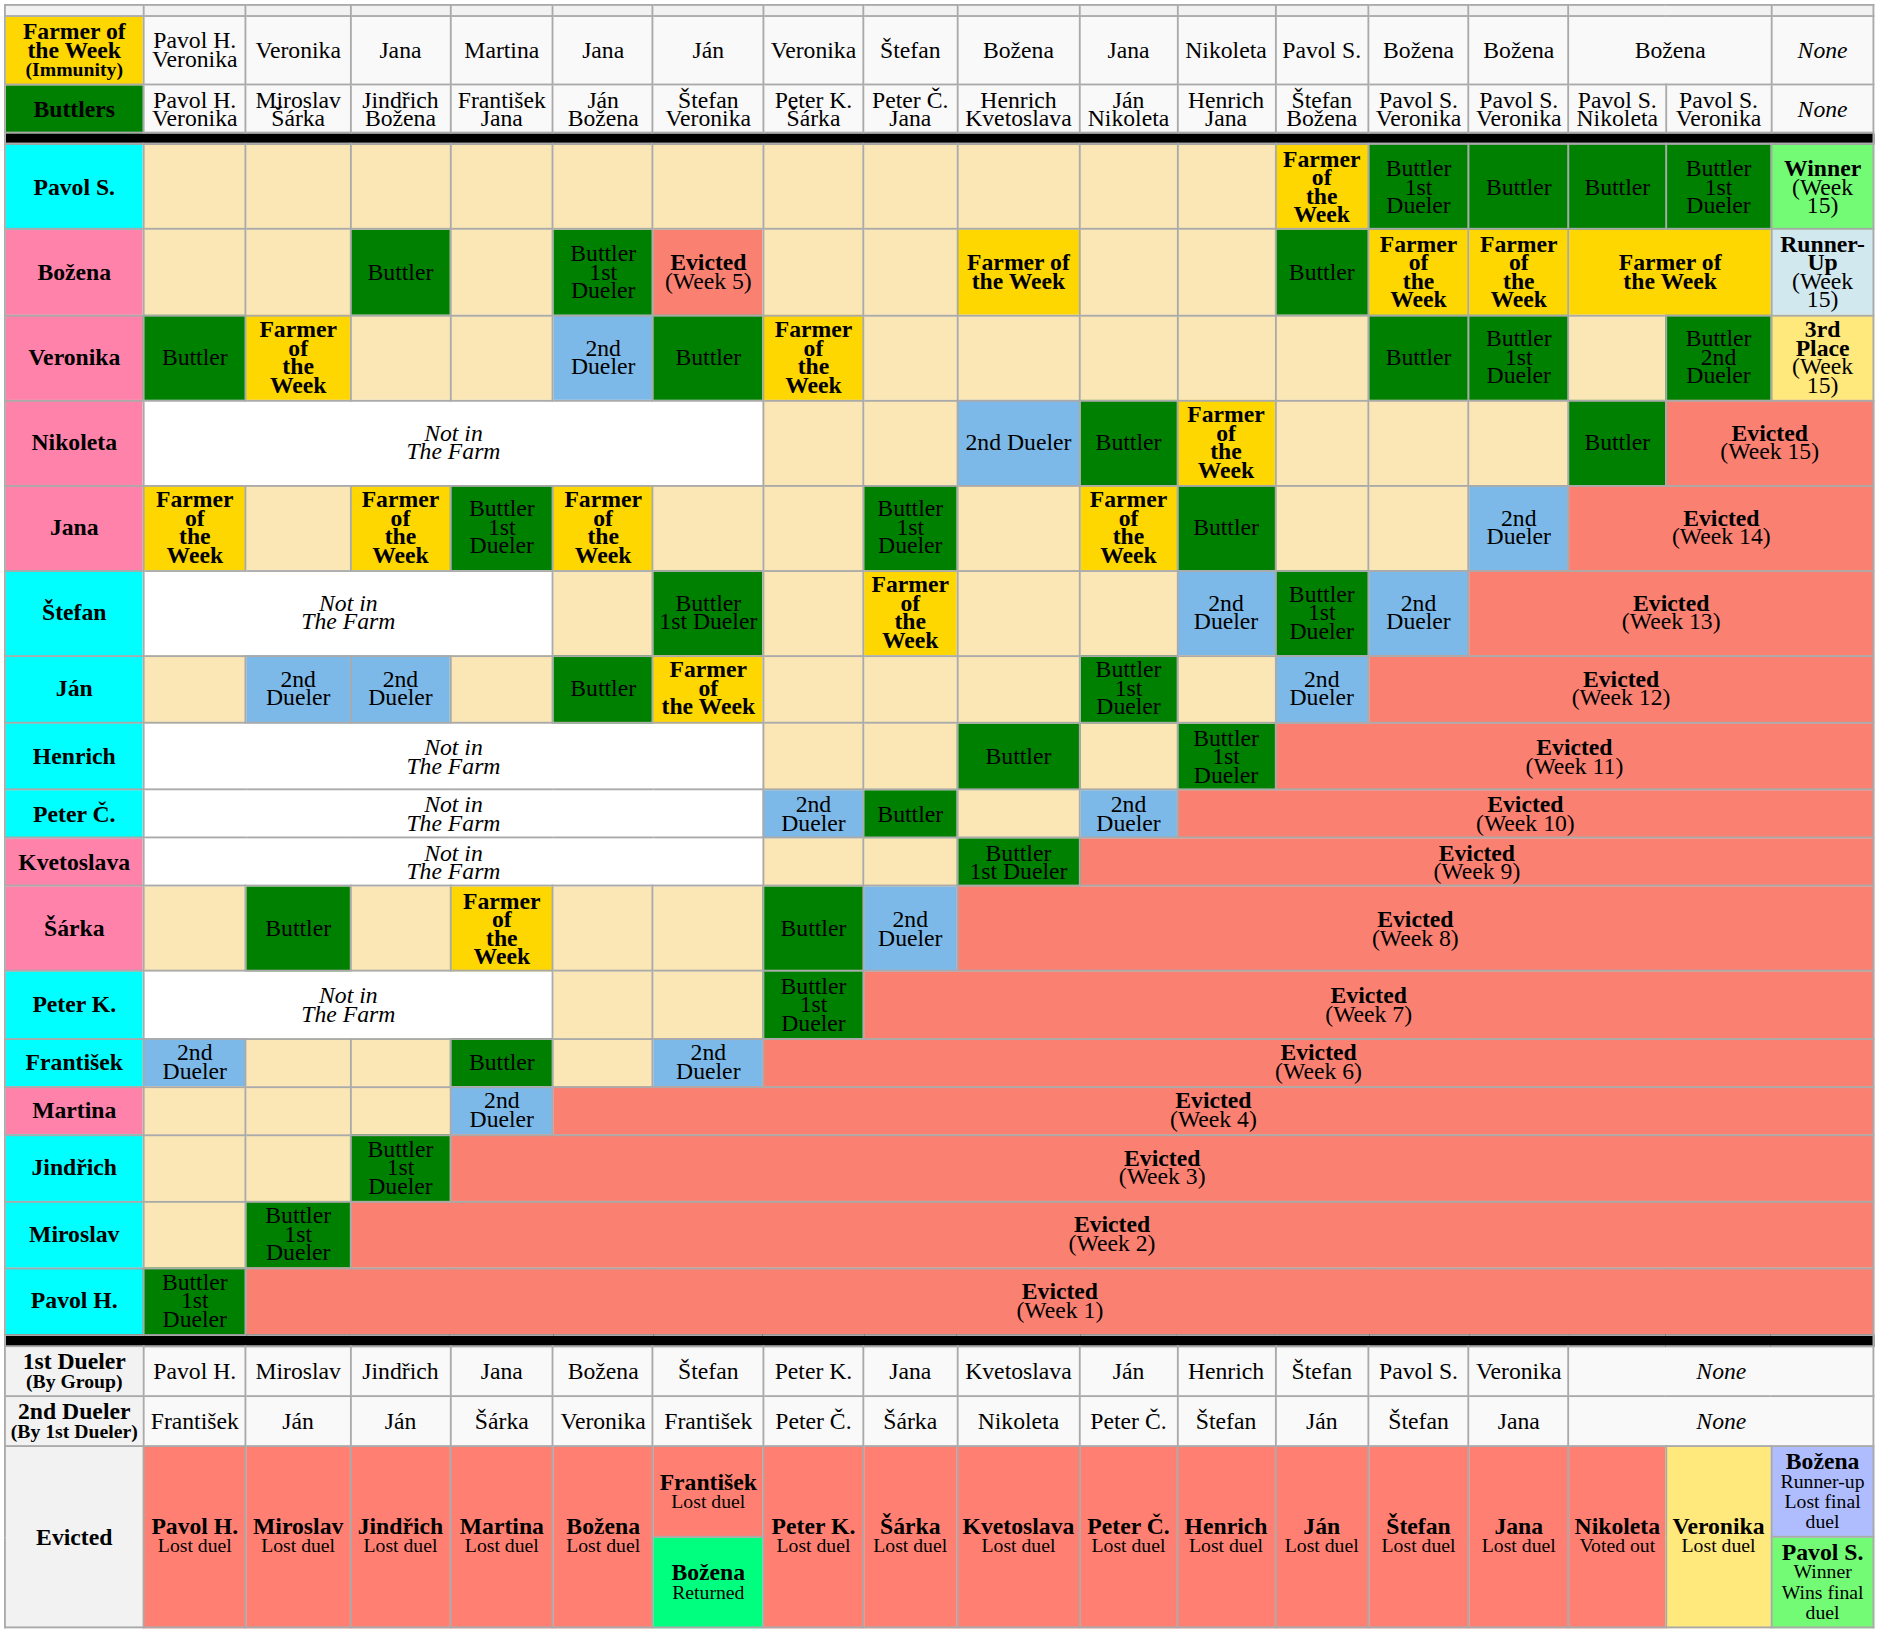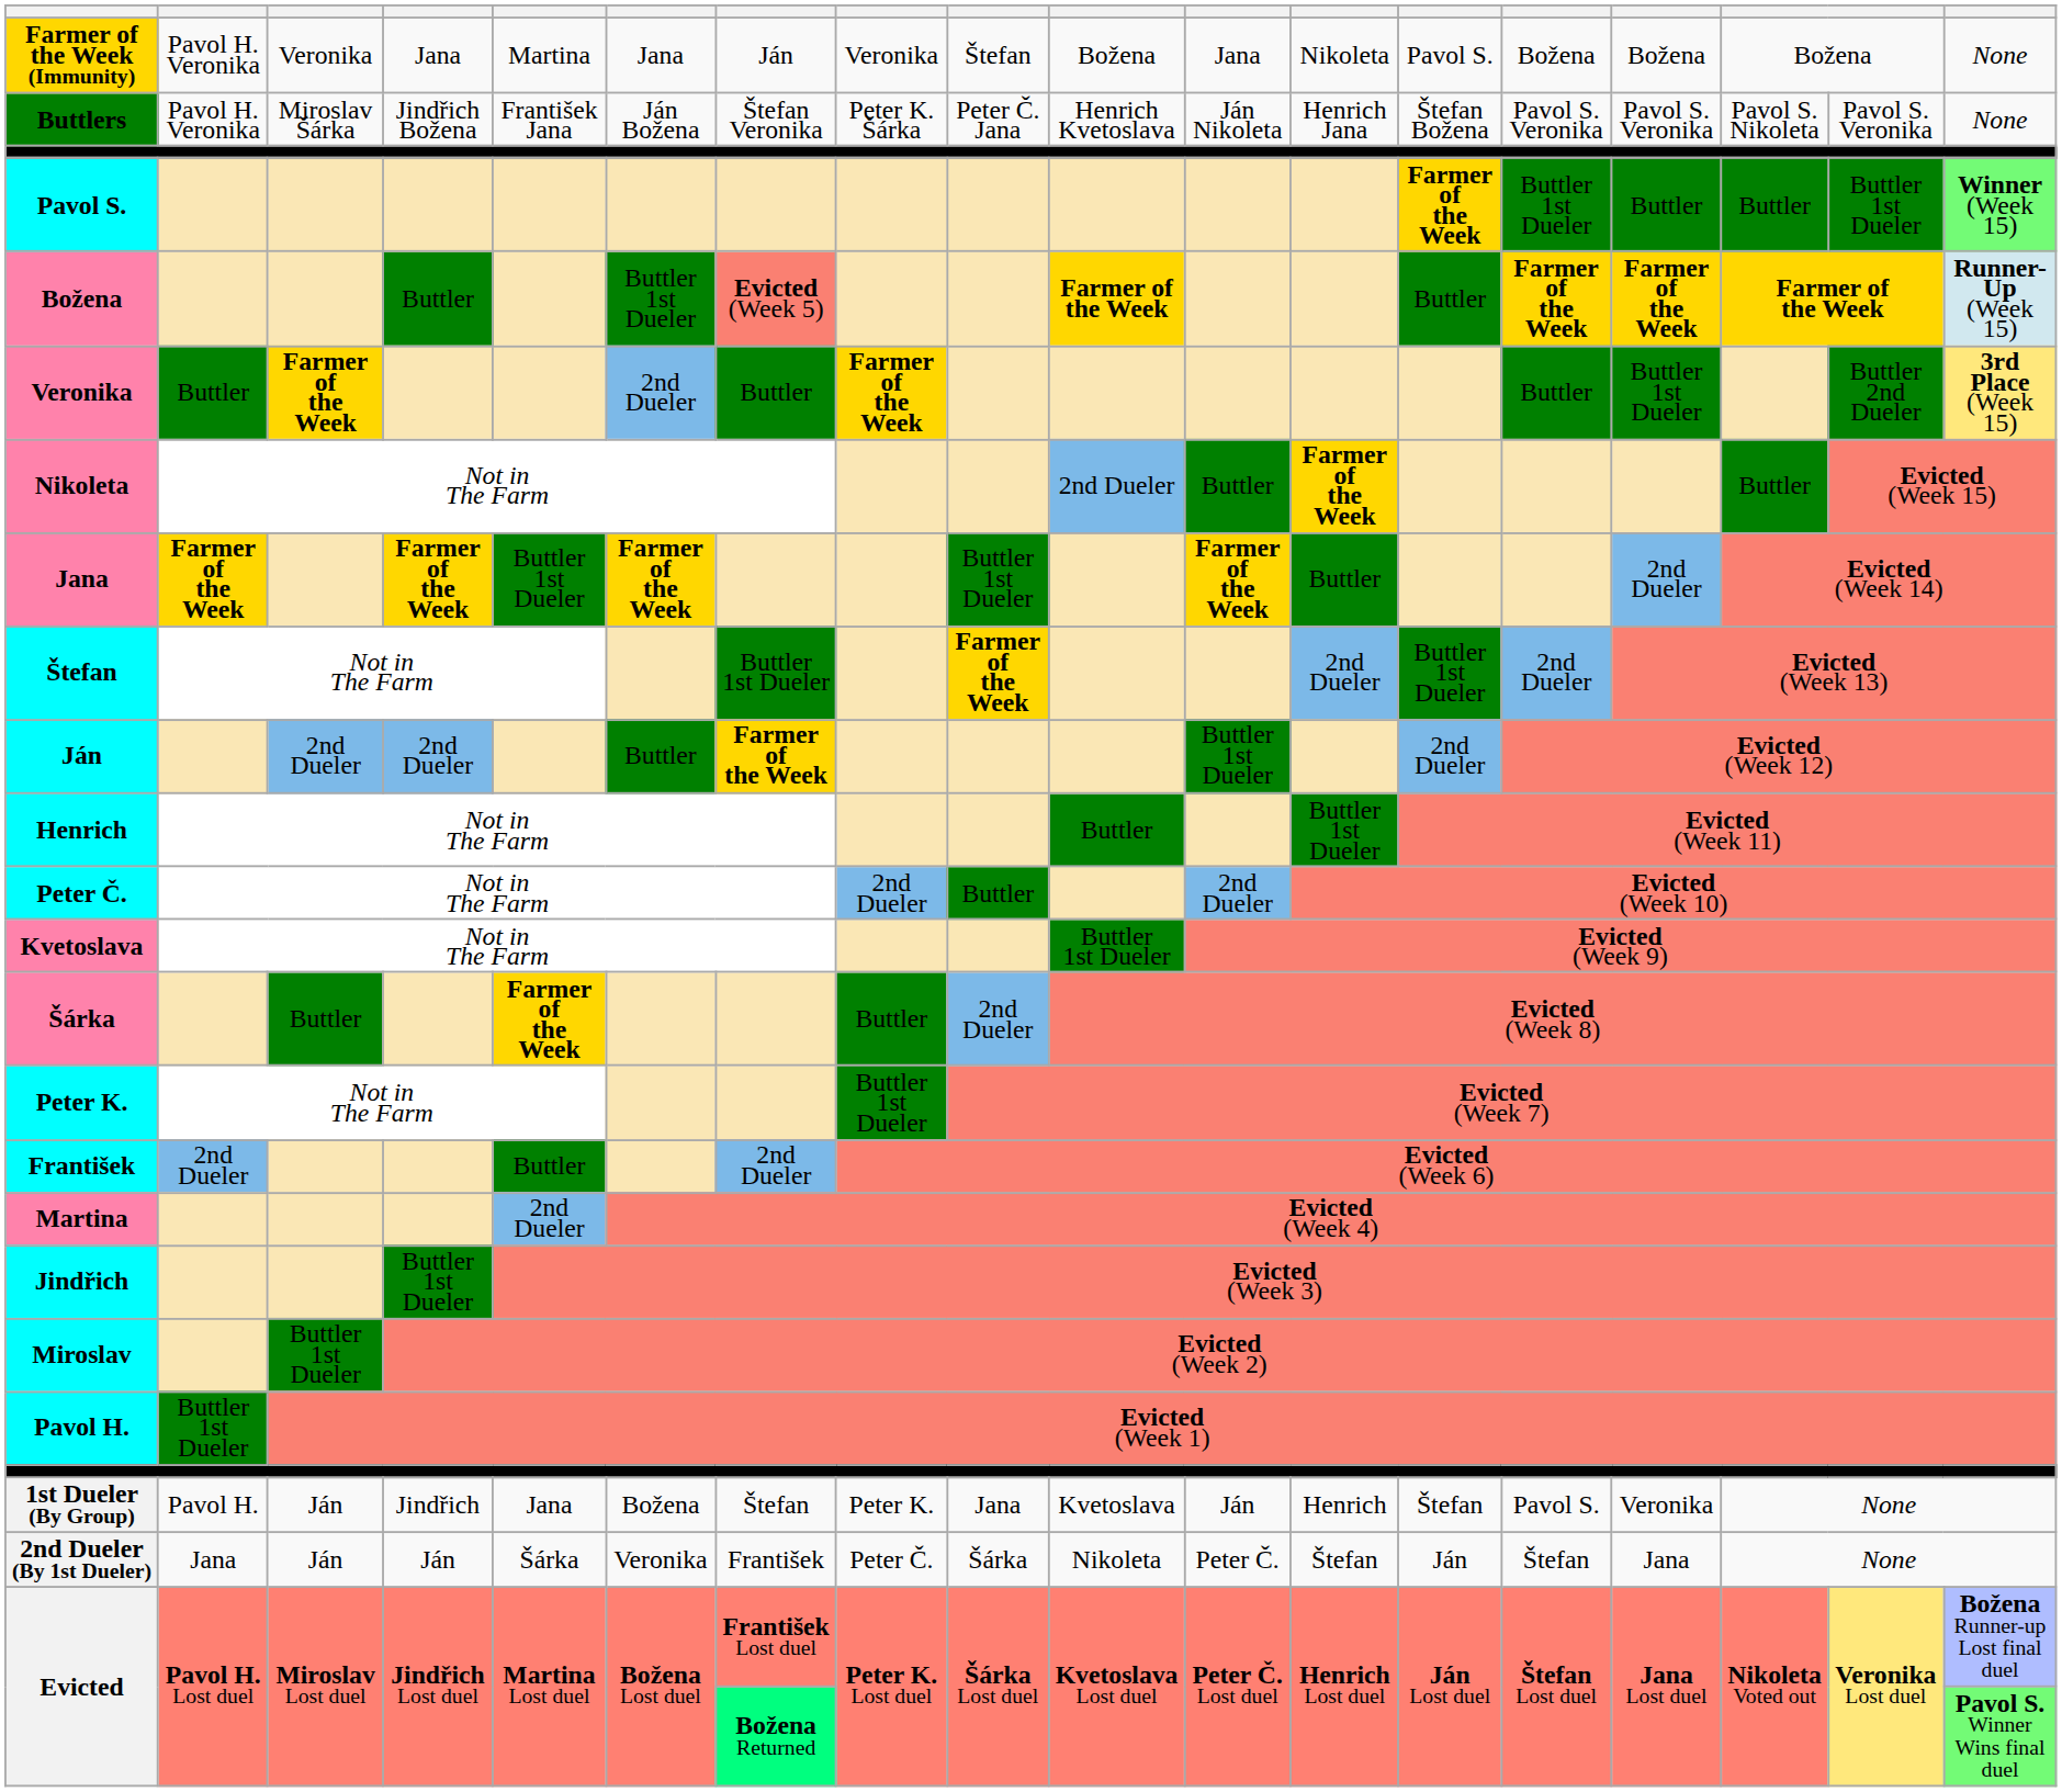 <table class="wikitable" style="text-align:center; width:80%; font-size:80%; line-height:10px">
 <tr>
 <th></th>
 <th></th>
 <th></th>
 <th></th>
 <th></th>
 <th></th>
 <th></th>
 <th></th>
 <th></th>
 <th></th>
 <th></th>
 <th></th>
 <th></th>
 <th></th>
 <th></th>
 <th colspan=2></th>
 <th></th>
 </tr>
 <tr>
 <th style="background:gold;" colspan=1>Farmer of the Week<br><small>(Immunity)</small></th>
 <td>Pavol H.<br>Veronika</td>
 <td>Veronika</td>
 <td>Jana</td>
 <td>Martina</td>
 <td>Jana</td>
 <td>Ján</td>
 <td>Veronika</td>
 <td>Štefan</td>
 <td>Božena</td>
 <td>Jana</td>
 <td>Nikoleta</td>
 <td>Pavol S.</td>
 <td>Božena</td>
 <td>Božena</td>
 <td colspan=2>Božena</td>
 <td><em>None</em></td>
 </tr>
 <tr>
 <th style="background:#008000;">Buttlers</th>
 <td>Pavol H.<br>Veronika</td>
 <td>Miroslav<br>Šárka</td>
 <td>Jindřich<br>Božena</td>
 <td>František<br>Jana</td>
 <td>Ján<br>Božena</td>
 <td>Štefan<br>Veronika</td>
 <td>Peter K.<br>Šárka</td>
 <td>Peter Č.<br>Jana</td>
 <td>Henrich<br>Kvetoslava</td>
 <td>Ján<br>Nikoleta</td>
 <td>Henrich<br>Jana</td>
 <td>Štefan<br>Božena</td>
 <td>Pavol S.<br>Veronika</td>
 <td>Pavol S.<br>Veronika</td>
 <td>Pavol S.<br>Nikoleta</td>
 <td>Pavol S.<br>Veronika</td>
 <td colspan=3><em>None</em></td>
 </tr>
 <tr>
 <th style="background:#000000;" colspan="18"></th>
 </tr>
 <tr>
 </tr>
 <tr>
 <th style="background:cyan;">Pavol S.</th>
 <td style="background:#FAE7B5;"></td>
 <td style="background:#FAE7B5;"></td>
 <td style="background:#FAE7B5;"></td>
 <td style="background:#FAE7B5;"></td>
 <td style="background:#FAE7B5;"></td>
 <td style="background:#FAE7B5;"></td>
 <td style="background:#FAE7B5;"></td>
 <td style="background:#FAE7B5;"></td>
 <td style="background:#FAE7B5;"></td>
 <td style="background:#FAE7B5;"></td>
 <td style="background:#FAE7B5;"></td>
 <td style="background:gold;"><strong>Farmer of<br>the Week</strong></td>
 <td style="background:#008000;">Buttler<br>1st Dueler</td>
 <td style="background:#008000;">Buttler</td>
 <td style="background:#008000;">Buttler</td>
 <td style="background:#008000;">Buttler<br>1st Dueler</td>
 <td style="background:#73FB76" colspan=2><strong>Winner</strong> <br> (Week 15)</td>
 </tr>
 <tr>
 <th style="background:#FF82AB;">Božena</th>
 <td style="background:#FAE7B5;"></td>
 <td style="background:#FAE7B5;"></td>
 <td style="background:#008000;">Buttler</td>
 <td style="background:#FAE7B5;"></td>
 <td style="background:#008000;">Buttler<br>1st Dueler</td>
 <td colspan=1 style="background:salmon;"><strong>Evicted</strong> <br> (Week 5)</td>
 <td style="background:#FAE7B5;"></td>
 <td style="background:#FAE7B5;"></td>
 <td style="background:gold;"><strong>Farmer of<br>the Week</strong></td>
 <td style="background:#FAE7B5;"></td>
 <td style="background:#FAE7B5;"></td>
 <td style="background:#008000;">Buttler</td>
 <td style="background:gold;"><strong>Farmer of<br>the Week</strong></td>
 <td style="background:gold;"><strong>Farmer of<br>the Week</strong></td>
 <td colspan=2 style="background:gold;"><strong>Farmer of<br>the Week</strong></td>
 <td style="background:#D1E8EF" colspan=2><strong>Runner-Up</strong> <br> (Week 15)</td>
 </tr>
 <tr>
 <th style="background:#FF82AB;">Veronika</th>
 <td style="background:#008000;">Buttler</td>
 <td style="background:gold;"><strong>Farmer of<br>the Week</strong></td>
 <td style="background:#FAE7B5;"></td>
 <td style="background:#FAE7B5;"></td>
 <td style="background:#7CB9E8;">2nd Dueler</td>
 <td style="background:#008000;">Buttler</td>
 <td style="background:gold;"><strong>Farmer of<br>the Week</strong></td>
 <td style="background:#FAE7B5;"></td>
 <td style="background:#FAE7B5;"></td>
 <td style="background:#FAE7B5;"></td>
 <td style="background:#FAE7B5;"></td>
 <td style="background:#FAE7B5;"></td>
 <td style="background:#008000;">Buttler</td>
 <td style="background:#008000;">Buttler<br>1st Dueler</td>
 <td style="background:#FAE7B5;"></td>
 <td style="background:#008000;">Buttler<br>2nd Dueler</td>
 <td style="background:#FFE87C" colspan=2><strong>3rd Place</strong> <br> (Week 15)</td>
 </tr>
 <tr>
 <th style="background:#FF82AB;">Nikoleta</th>
 <td style="background:#FFFFFF; text-align:center;" colspan=6><em>Not in<br>The Farm</em></td>
 <td style="background:#FAE7B5;"></td>
 <td style="background:#FAE7B5;"></td>
 <td style="background:#7CB9E8;">2nd Dueler</td>
 <td style="background:#008000;">Buttler</td>
 <td style="background:gold;"><strong>Farmer of<br>the Week</strong></td>
 <td style="background:#FAE7B5;"></td>
 <td style="background:#FAE7B5;"></td>
 <td style="background:#FAE7B5;"></td>
 <td style="background:#008000;">Buttler</td>
 <td colspan=16 style="background:salmon;"><strong>Evicted</strong> <br> (Week 15)</td>
 </tr>
 <tr>
 <th style="background:#FF82AB;">Jana</th>
 <td style="background:gold;"><strong>Farmer of<br>the Week</strong></td>
 <td style="background:#FAE7B5;"></td>
 <td style="background:gold;"><strong>Farmer of<br>the Week</strong></td>
 <td style="background:#008000;">Buttler<br>1st Dueler</td>
 <td style="background:gold;"><strong>Farmer of<br>the Week</strong></td>
 <td style="background:#FAE7B5;"></td>
 <td style="background:#FAE7B5;"></td>
 <td style="background:#008000;">Buttler<br>1st Dueler</td>
 <td style="background:#FAE7B5;"></td>
 <td style="background:gold;"><strong>Farmer of<br>the Week</strong></td>
 <td style="background:#008000;">Buttler</td>
 <td style="background:#FAE7B5;"></td>
 <td style="background:#FAE7B5;"></td>
 <td style="background:#7CB9E8;">2nd Dueler</td>
 <td colspan=16 style="background:salmon;"><strong>Evicted</strong> <br> (Week 14)</td>
 </tr>
 <tr>
 <th style="background:cyan;">Štefan</th>
 <td style="background:#FFFFFF; text-align:center;" colspan=4><em>Not in<br>The Farm</em></td>
 <td style="background:#FAE7B5;"></td>
 <td style="background:#008000;">Buttler<br>1st Dueler</td>
 <td style="background:#FAE7B5;"></td>
 <td style="background:gold;"><strong>Farmer of<br>the Week</strong></td>
 <td style="background:#FAE7B5;"></td>
 <td style="background:#FAE7B5;"></td>
 <td style="background:#7CB9E8;">2nd Dueler</td>
 <td style="background:#008000;">Buttler<br>1st Dueler</td>
 <td style="background:#7CB9E8;">2nd Dueler</td>
 <td colspan=16 style="background:salmon;"><strong>Evicted</strong> <br> (Week 13)</td>
 </tr>
 <tr>
 <th style="background:cyan;">Ján</th>
 <td style="background:#FAE7B5;"></td>
 <td style="background:#7CB9E8;">2nd Dueler</td>
 <td style="background:#7CB9E8;">2nd Dueler</td>
 <td style="background:#FAE7B5;"></td>
 <td style="background:#008000;">Buttler</td>
 <td style="background:gold;"><strong>Farmer of<br>the Week</strong></td>
 <td style="background:#FAE7B5;"></td>
 <td style="background:#FAE7B5;"></td>
 <td style="background:#FAE7B5;"></td>
 <td style="background:#008000;">Buttler<br>1st Dueler</td>
 <td style="background:#FAE7B5;"></td>
 <td style="background:#7CB9E8;">2nd Dueler</td>
 <td colspan=16 style="background:salmon;"><strong>Evicted</strong> <br> (Week 12)</td>
 </tr>
 <tr>
 <th style="background:cyan;">Henrich</th>
 <td style="background:#FFFFFF; text-align:center;" colspan=6><em>Not in<br>The Farm</em></td>
 <td style="background:#FAE7B5;"></td>
 <td style="background:#FAE7B5;"></td>
 <td style="background:#008000;">Buttler</td>
 <td style="background:#FAE7B5;"></td>
 <td style="background:#008000;">Buttler<br>1st Dueler</td>
 <td colspan=16 style="background:salmon;"><strong>Evicted</strong> <br> (Week 11)</td>
 </tr>
 <tr>
 <th style="background:cyan;">Peter Č.</th>
 <td style="background:#FFFFFF; text-align:center;" colspan=6><em>Not in<br>The Farm</em></td>
 <td style="background:#7CB9E8;">2nd Dueler</td>
 <td style="background:#008000;">Buttler</td>
 <td style="background:#FAE7B5;"></td>
 <td style="background:#7CB9E8;">2nd Dueler</td>
 <td colspan=16 style="background:salmon;"><strong>Evicted</strong> <br> (Week 10)</td>
 </tr>
 <tr>
 <th style="background:#FF82AB;">Kvetoslava</th>
 <td style="background:#FFFFFF; text-align:center;" colspan=6><em>Not in<br>The Farm</em></td>
 <td style="background:#FAE7B5;"></td>
 <td style="background:#FAE7B5;"></td>
 <td style="background:#008000;">Buttler<br>1st Dueler</td>
 <td colspan=16 style="background:salmon;"><strong>Evicted</strong> <br> (Week 9)</td>
 </tr>
 <tr>
 <th style="background:#FF82AB;">Šárka</th>
 <td style="background:#FAE7B5;"></td>
 <td style="background:#008000;">Buttler</td>
 <td style="background:#FAE7B5;"></td>
 <td style="background:gold;"><strong>Farmer of<br>the Week</strong></td>
 <td style="background:#FAE7B5;"></td>
 <td style="background:#FAE7B5;"></td>
 <td style="background:#008000;">Buttler</td>
 <td style="background:#7CB9E8;">2nd Dueler</td>
 <td colspan=16 style="background:salmon;"><strong>Evicted</strong> <br> (Week 8)</td>
 </tr>
 <tr>
 <th style="background:cyan;">Peter K.</th>
 <td style="background:#FFFFFF; text-align:center;" colspan=4><em>Not in<br>The Farm</em></td>
 <td style="background:#FAE7B5;"></td>
 <td style="background:#FAE7B5;"></td>
 <td style="background:#008000;">Buttler<br>1st Dueler</td>
 <td colspan=16 style="background:salmon;"><strong>Evicted</strong> <br> (Week 7)</td>
 </tr>
 <tr>
 <th style="background:cyan;">František</th>
 <td style="background:#7CB9E8;">2nd Dueler</td>
 <td style="background:#FAE7B5;"></td>
 <td style="background:#FAE7B5;"></td>
 <td style="background:#008000;">Buttler</td>
 <td style="background:#FAE7B5;"></td>
 <td style="background:#7CB9E8;">2nd Dueler</td>
 <td colspan=16 style="background:salmon;"><strong>Evicted</strong> <br> (Week 6)</td>
 </tr>
 <tr>
 <th style="background:#FF82AB;">Martina</th>
 <td style="background:#FAE7B5;"></td>
 <td style="background:#FAE7B5;"></td>
 <td style="background:#FAE7B5;"></td>
 <td style="background:#7CB9E8;">2nd Dueler</td>
 <td colspan=16 style="background:salmon;"><strong>Evicted</strong> <br> (Week 4)</td>
 </tr>
 <tr>
 <th style="background:cyan;">Jindřich</th>
 <td style="background:#FAE7B5;"></td>
 <td style="background:#FAE7B5;"></td>
 <td style="background:#008000;">Buttler<br>1st Dueler</td>
 <td colspan=16 style="background:salmon;"><strong>Evicted</strong> <br> (Week 3)</td>
 </tr>
 <tr>
 <th style="background:cyan;">Miroslav</th>
 <td style="background:#FAE7B5;"></td>
 <td style="background:#008000;">Buttler<br>1st Dueler</td>
 <td colspan=16 style="background:salmon;"><strong>Evicted</strong> <br> (Week 2)</td>
 </tr>
 <tr>
 <th style="background:cyan;">Pavol H.</th>
 <td style="background:#008000;">Buttler<br>1st Dueler</td>
 <td colspan=16 style="background:salmon;"><strong>Evicted</strong> <br> (Week 1)</td>
 </tr>
 <tr>
 <th style="background:#000000;" colspan="18"></th>
 </tr>
 <tr>
 <th>1st Dueler<br><small>(By Group)</small></th>
 <td>Pavol H.</td>
-<td>Miroslav</td>
+<td>Ján</td>
 <td>Jindřich</td>
 <td>Jana</td>
 <td>Božena</td>
 <td>Štefan</td>
 <td>Peter K.</td>
 <td>Jana</td>
 <td>Kvetoslava</td>
 <td>Ján</td>
 <td>Henrich</td>
 <td>Štefan</td>
 <td>Pavol S.</td>
 <td>Veronika</td>
 <td colspan=3><em>None</em></td>
 </tr>
 <tr>
 <th>2nd Dueler<br><small>(By 1st Dueler)</small></th>
-<td>František</td>
+<td>Jana</td>
 <td>Ján</td>
 <td>Ján</td>
 <td>Šárka</td>
 <td>Veronika</td>
 <td>František</td>
 <td>Peter Č.</td>
 <td>Šárka</td>
 <td>Nikoleta</td>
 <td>Peter Č.</td>
 <td>Štefan</td>
 <td>Ján</td>
 <td>Štefan</td>
 <td>Jana</td>
 <td colspan=3><em>None</em></td>
 </tr>
 <tr>
 <th rowspan="2">Evicted</th>
 <td rowspan="2" style="background:#FF8072"><strong>Pavol H.</strong><br><small>Lost duel</small></td>
 <td rowspan="2" style="background:#FF8072"><strong>Miroslav</strong><br><small>Lost duel</small></td>
 <td rowspan="2" style="background:#FF8072"><strong>Jindřich</strong><br><small>Lost duel</small></td>
 <td rowspan="2" style="background:#FF8072"><strong>Martina</strong><br><small>Lost duel</small></td>
 <td rowspan="2" style="background:#FF8072"><strong>Božena</strong><br><small>Lost duel</small></td>
 <td style="background:#FF8072"><strong>František</strong><br><small>Lost duel</small></td>
 <td rowspan="2" style="background:#FF8072"><strong>Peter K.</strong><br><small>Lost duel</small></td>
 <td rowspan="2" style="background:#FF8072"><strong>Šárka</strong><br><small>Lost duel</small></td>
 <td rowspan="2" style="background:#FF8072"><strong>Kvetoslava</strong><br><small>Lost duel</small></td>
 <td rowspan="2" style="background:#FF8072"><strong>Peter Č.</strong><br><small>Lost duel</small></td>
 <td rowspan="2" style="background:#FF8072"><strong>Henrich</strong><br><small>Lost duel</small></td>
 <td rowspan="2" style="background:#FF8072"><strong>Ján</strong><br><small>Lost duel</small></td>
 <td rowspan="2" style="background:#FF8072"><strong>Štefan</strong><br><small>Lost duel</small></td>
 <td rowspan="2" style="background:#FF8072"><strong>Jana</strong><br><small>Lost duel</small></td>
 <td rowspan="2" style="background:#FF8072"><strong>Nikoleta</strong><br><small>Voted out</small></td>
 <td rowspan="2" style="background:#FFE87C"><strong>Veronika</strong><br><small>Lost duel</small></td>
 <td style="background:#afbdff"><strong>Božena</strong><br><small>Runner-up<br>Lost final duel</small></td>
 </tr>
 <tr>
 <td style="background:#00FF7F"><strong>Božena</strong><br><small>Returned</small></td>
 <td style="background:#73FB76"><strong>Pavol S.</strong><br><small>Winner<br>Wins final duel</small></td>
 </tr>
 </table>
